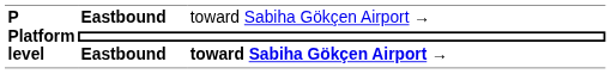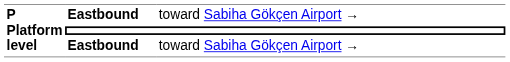 <table table border=0 cellspacing=0 cellpadding=3>
 <tr>
 <td style="border-top:solid 1px gray;border-bottom:solid 1px gray;" width=50 rowspan=3 valign=top><strong>P<br>Platform level</strong></td>
 <td style="border-top:solid 1px gray;" width=100><strong>Eastbound</strong></td>
 <td style="border-top:solid 1px gray;" width=400> toward <a href='#'>Sabiha Gökçen Airport</a> →</td>
 </tr>
 <tr>
 <td style="border-top:solid 2px black;border-right:solid 2px black;border-left:solid 2px black;border-bottom:solid 2px black;text-align:center;" colspan=2></td>
 </tr>
 <tr>
 <td style="border-bottom:solid 1px gray;"><strong>Eastbound</strong></td>
-<td style="border-bottom:solid 1px gray;"><strong> toward <a href='#'>Sabiha Gökçen Airport</a> →</strong></td>
+<td style="border-bottom:solid 1px gray;"> toward <a href='#'>Sabiha Gökçen Airport</a> →</td>
 </tr>
 </table>
